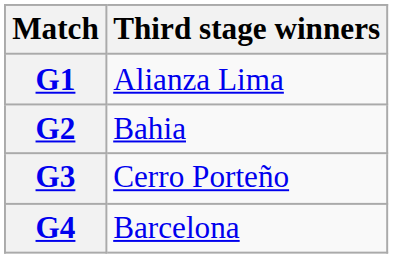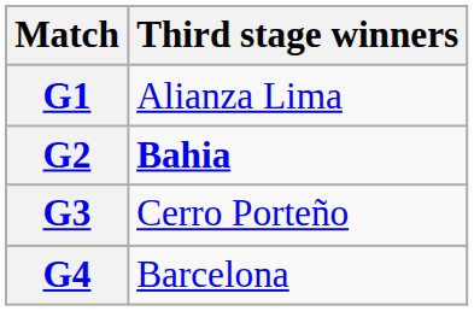 <table class="wikitable">
 <tr>
 <th>Match</th>
 <th>Third stage winners</th>
 </tr>
 <tr>
 <th><a href='#'>G1</a></th>
 <td> <a href='#'>Alianza Lima</a></td>
 </tr>
 <tr>
 <th><a href='#'>G2</a></th>
-<td> <a href='#'>Bahia</a></td>
+<td><strong> <a href='#'>Bahia</a></strong></td>
 </tr>
 <tr>
 <th><a href='#'>G3</a></th>
 <td> <a href='#'>Cerro Porteño</a></td>
 </tr>
 <tr>
 <th><a href='#'>G4</a></th>
 <td> <a href='#'>Barcelona</a></td>
 </tr>
 </table>
